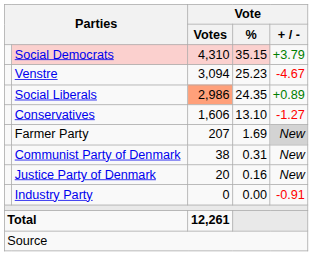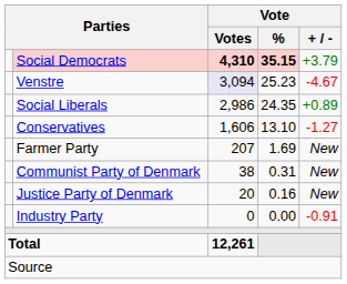 <table class="wikitable" style="text-align:right;">
 <tr>
 <th style="text-align:centre;" rowspan="2" colspan="2" width="225">Parties</th>
 <th colspan="3">Vote</th>
 </tr>
 <tr>
 <th width="15">Votes</th>
 <th width="15">%</th>
 <th width="15">+ / -</th>
 </tr>
 <tr>
 <td width="2" style="color:inherit;background:"></td>
 <td bgcolor=#fbd0ce  align="left"><a href='#'>Social Democrats</a></td>
-<td bgcolor=#fbd0ce>4,310</td>
-<td bgcolor=#fbd0ce>35.15</td>
+<td bgcolor=#fbd0ce><strong>4,310</strong></td>
+<td bgcolor=#fbd0ce><strong>35.15</strong></td>
 <td style=color:green;>+3.79</td>
 </tr>
 <tr>
 <td width="2" style="color:inherit;background:"></td>
 <td align="left"><a href='#'>Venstre</a></td>
-<td>3,094</td>
+<td style="background: lavender;">3,094</td>
 <td>25.23</td>
 <td style=color:red;>-4.67</td>
 </tr>
 <tr>
 <td width="2" style="color:inherit;background:"></td>
 <td align="left"><a href='#'>Social Liberals</a></td>
-<td style="background: lightsalmon;">2,986</td>
+<td>2,986</td>
 <td>24.35</td>
 <td style=color:green;>+0.89</td>
 </tr>
 <tr>
 <td width="2" style="color:inherit;background:"></td>
 <td align="left"><a href='#'>Conservatives</a></td>
 <td>1,606</td>
 <td>13.10</td>
 <td style=color:red;>-1.27</td>
 </tr>
 <tr>
 <td width="2" style="color:inherit;background:"></td>
 <td align="left">Farmer Party</td>
 <td>207</td>
 <td>1.69</td>
-<td style="background: lightgrey;"><em>New</em></td>
+<td><em>New</em></td>
 </tr>
 <tr>
 <td width="2" style="color:inherit;background:"></td>
 <td align="left"><a href='#'>Communist Party of Denmark</a></td>
 <td>38</td>
 <td>0.31</td>
 <td><em>New</em></td>
 </tr>
 <tr>
 <td width="2" style="color:inherit;background:"></td>
 <td align="left"><a href='#'>Justice Party of Denmark</a></td>
 <td>20</td>
 <td>0.16</td>
 <td><em>New</em></td>
 </tr>
 <tr>
 <td width="2" style="color:inherit;background:"></td>
 <td align="left"><a href='#'>Industry Party</a></td>
 <td>0</td>
 <td>0.00</td>
 <td style=color:red;>-0.91</td>
 </tr>
 <tr>
 <td colspan="7" bgcolor="#E9E9E9"></td>
 </tr>
 <tr>
 <td align="left" colspan="2"><strong>Total</strong></td>
 <td><strong>12,261</strong></td>
 <td bgcolor="#E9E9E9" colspan="2"></td>
 </tr>
 <tr>
 <td align="left" colspan="6">Source</td>
 </tr>
 </table>
